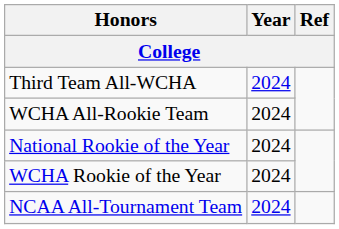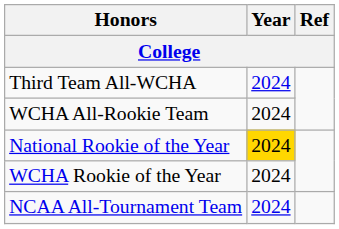 <table class="wikitable">
 <tr>
 <th>Honors</th>
 <th>Year</th>
 <th>Ref</th>
 </tr>
 <tr>
 <th colspan="3"><a href='#'>College</a></th>
 </tr>
 <tr>
 <td>Third Team All-WCHA</td>
 <td><a href='#'>2024</a></td>
 <td rowspan="2"></td>
 </tr>
 <tr>
 <td>WCHA All-Rookie Team</td>
 <td>2024</td>
 </tr>
 <tr>
 <td><a href='#'>National Rookie of the Year</a></td>
-<td>2024</td>
+<td style="background: gold;">2024</td>
 <td rowspan="2"></td>
 </tr>
 <tr>
 <td><a href='#'>WCHA</a> Rookie of the Year</td>
 <td>2024</td>
 </tr>
 <tr>
 <td><a href='#'>NCAA All-Tournament Team</a></td>
 <td><a href='#'>2024</a></td>
 <td></td>
 </tr>
 </table>
